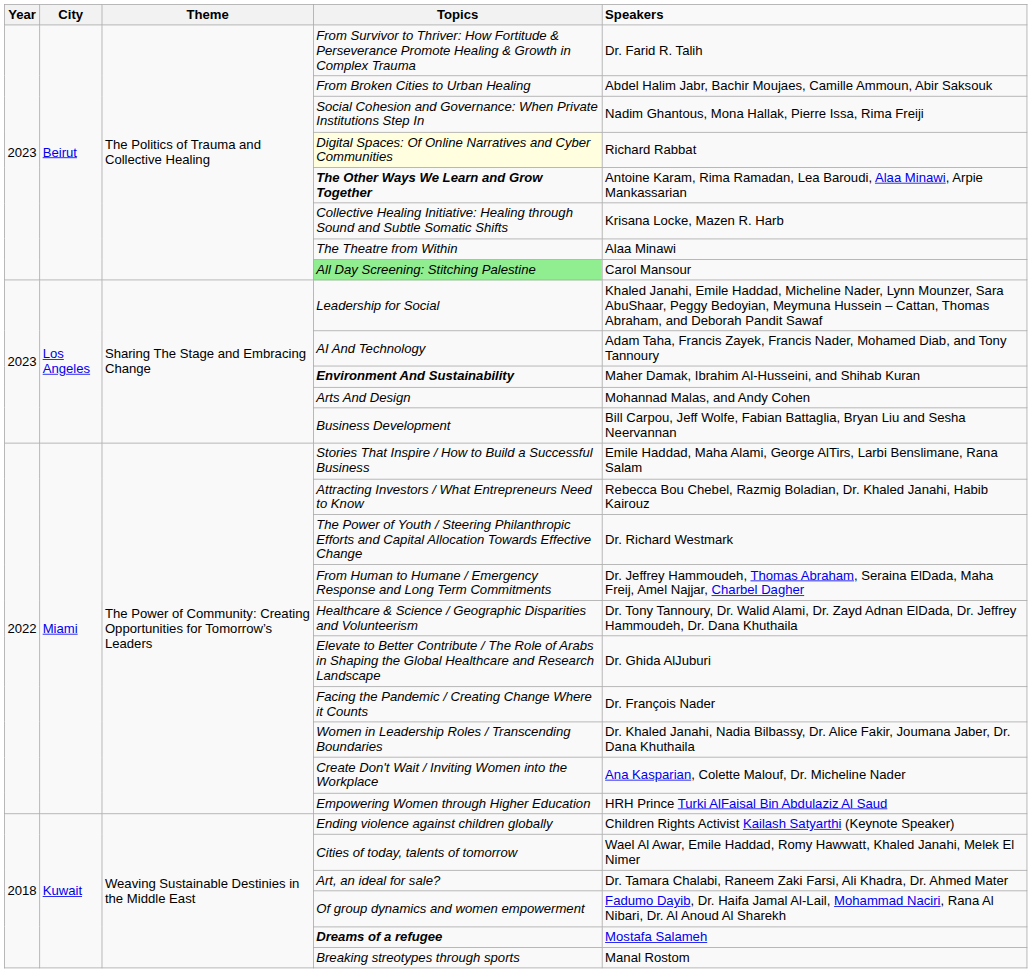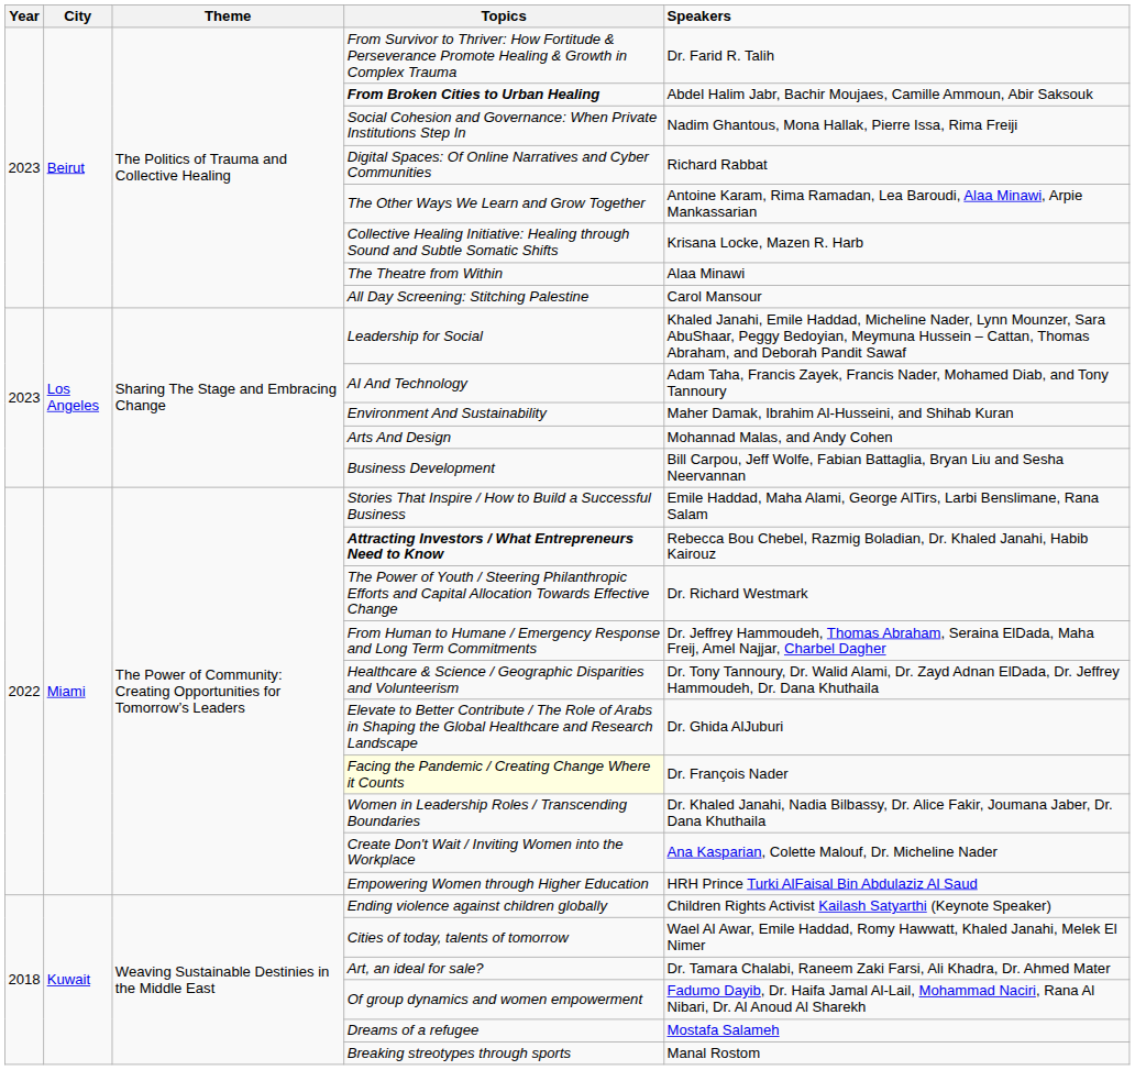 <table class="wikitable">
 <tr>
 <th>Year</th>
 <th>City</th>
 <th>Theme</th>
 <th>Topics</th>
 <td colspan=""><strong>Speakers</strong></td>
 </tr>
 <tr>
 <td rowspan="8">2023</td>
 <td rowspan="8"><a href='#'>Beirut</a></td>
 <td rowspan="8">The Politics of Trauma and Collective Healing</td>
 <td><em>From Survivor to Thriver: How Fortitude & Perseverance Promote Healing & Growth in Complex Trauma</em></td>
 <td colspan="8">Dr. Farid R. Talih</td>
 </tr>
 <tr>
-<td><em>From Broken Cities to Urban Healing</em></td>
+<td><strong><em>From Broken Cities to Urban Healing</em></strong></td>
 <td colspan="8">Abdel Halim Jabr, Bachir Moujaes, Camille Ammoun, Abir Saksouk</td>
 </tr>
 <tr>
 <td><em>Social Cohesion and Governance: When Private Institutions Step In</em></td>
 <td colspan="8">Nadim Ghantous, Mona Hallak, Pierre Issa, Rima Freiji</td>
 </tr>
 <tr>
-<td style="background: lightyellow;"><em>Digital Spaces: Of Online Narratives and Cyber Communities</em></td>
+<td><em>Digital Spaces: Of Online Narratives and Cyber Communities</em></td>
 <td colspan="8">Richard Rabbat</td>
 </tr>
 <tr>
-<td><strong><em>The Other Ways We Learn and Grow Together</em></strong></td>
+<td><em>The Other Ways We Learn and Grow Together</em></td>
 <td colspan="8">Antoine Karam, Rima Ramadan, Lea Baroudi, <a href='#'>Alaa Minawi</a>, Arpie Mankassarian</td>
 </tr>
 <tr>
 <td><em>Collective Healing Initiative: Healing through Sound and Subtle Somatic Shifts</em></td>
 <td colspan="8">Krisana Locke, Mazen R. Harb</td>
 </tr>
 <tr>
 <td><em>The Theatre from Within</em></td>
 <td colspan="8">Alaa Minawi</td>
 </tr>
 <tr>
-<td style="background: lightgreen;"><em>All Day Screening: Stitching Palestine</em></td>
+<td><em>All Day Screening: Stitching Palestine</em></td>
 <td colspan="8">Carol Mansour</td>
 </tr>
 <tr>
 <td rowspan="5">2023</td>
 <td rowspan="5"><a href='#'>Los Angeles</a></td>
 <td rowspan="5">Sharing The Stage and Embracing Change</td>
 <td><em>Leadership for Social</em></td>
 <td colspan="5">Khaled Janahi, Emile Haddad, Micheline Nader, Lynn Mounzer, Sara AbuShaar, Peggy Bedoyian, Meymuna Hussein – Cattan, Thomas Abraham, and Deborah Pandit Sawaf</td>
 </tr>
 <tr>
 <td><em>AI And Technology</em></td>
 <td colspan="5">Adam Taha, Francis Zayek, Francis Nader, Mohamed Diab, and Tony Tannoury</td>
 </tr>
 <tr>
-<td><strong><em>Environment And Sustainability</em></strong></td>
+<td><em>Environment And Sustainability</em></td>
 <td colspan="5">Maher Damak, Ibrahim Al-Husseini, and Shihab Kuran</td>
 </tr>
 <tr>
 <td><em>Arts And Design</em></td>
 <td colspan="5">Mohannad Malas, and Andy Cohen</td>
 </tr>
 <tr>
 <td><em>Business Development</em></td>
 <td colspan="5">Bill Carpou, Jeff Wolfe, Fabian Battaglia, Bryan Liu and Sesha Neervannan</td>
 </tr>
 <tr>
 <td rowspan="10">2022</td>
 <td rowspan="10"><a href='#'>Miami</a></td>
 <td rowspan="10">The Power of Community: Creating Opportunities for Tomorrow’s Leaders</td>
 <td><em>Stories That Inspire / How to Build a Successful Business</em></td>
 <td colspan="10">Emile Haddad, Maha Alami, George AlTirs, Larbi Benslimane, Rana Salam</td>
 </tr>
 <tr>
-<td><em>Attracting Investors / What Entrepreneurs Need to Know</em></td>
+<td><strong><em>Attracting Investors / What Entrepreneurs Need to Know</em></strong></td>
 <td colspan="10">Rebecca Bou Chebel, Razmig Boladian, Dr. Khaled Janahi, Habib Kairouz</td>
 </tr>
 <tr>
 <td><em>The Power of Youth / Steering Philanthropic Efforts and Capital Allocation Towards Effective Change</em></td>
 <td colspan="10">Dr. Richard Westmark</td>
 </tr>
 <tr>
 <td><em>From Human to Humane / Emergency Response and Long Term Commitments</em></td>
 <td colspan="10">Dr. Jeffrey Hammoudeh, <a href='#'>Thomas Abraham</a>, Seraina ElDada, Maha Freij, Amel Najjar, <a href='#'>Charbel Dagher</a></td>
 </tr>
 <tr>
 <td><em>Healthcare & Science / Geographic Disparities and Volunteerism</em></td>
 <td colspan="10">Dr. Tony Tannoury, Dr. Walid Alami, Dr. Zayd Adnan ElDada, Dr. Jeffrey Hammoudeh, Dr. Dana Khuthaila</td>
 </tr>
 <tr>
 <td><em>Elevate to Better Contribute / The Role of Arabs in Shaping the Global Healthcare and Research Landscape</em></td>
 <td colspan="10">Dr. Ghida AlJuburi</td>
 </tr>
 <tr>
-<td><em>Facing the Pandemic / Creating Change Where it Counts</em></td>
+<td style="background: lightyellow;"><em>Facing the Pandemic / Creating Change Where it Counts</em></td>
 <td colspan="10">Dr. François Nader</td>
 </tr>
 <tr>
 <td><em>Women in Leadership Roles / Transcending Boundaries</em></td>
 <td colspan="10">Dr. Khaled Janahi, Nadia Bilbassy, Dr. Alice Fakir, Joumana Jaber, Dr. Dana Khuthaila</td>
 </tr>
 <tr>
 <td><em>Create Don't Wait / Inviting Women into the Workplace</em></td>
 <td colspan="10"><a href='#'>Ana Kasparian</a>, Colette Malouf, Dr. Micheline Nader</td>
 </tr>
 <tr>
 <td><em>Empowering Women through Higher Education</em></td>
 <td colspan="10">HRH Prince <a href='#'>Turki AlFaisal Bin Abdulaziz Al Saud</a></td>
 </tr>
 <tr>
 <td rowspan="6">2018</td>
 <td rowspan="6"><a href='#'>Kuwait</a></td>
 <td rowspan="6">Weaving Sustainable Destinies in the Middle East</td>
 <td><em>Ending violence against children globally</em></td>
 <td colspan="6">Children Rights Activist <a href='#'>Kailash Satyarthi</a> (Keynote Speaker)</td>
 </tr>
 <tr>
 <td><em>Cities of today, talents of tomorrow</em></td>
 <td colspan="6">Wael Al Awar, Emile Haddad, Romy Hawwatt, Khaled Janahi, Melek El Nimer</td>
 </tr>
 <tr>
 <td><em>Art, an ideal for sale?</em></td>
 <td colspan="6">Dr. Tamara Chalabi, Raneem Zaki Farsi, Ali Khadra, Dr. Ahmed Mater</td>
 </tr>
 <tr>
 <td><em>Of group dynamics and women empowerment</em></td>
 <td colspan="6"><a href='#'>Fadumo Dayib</a>, Dr. Haifa Jamal Al-Lail, <a href='#'>Mohammad Naciri</a>, Rana Al Nibari, Dr. Al Anoud Al Sharekh</td>
 </tr>
 <tr>
-<td><strong><em>Dreams of a refugee</em></strong></td>
+<td><em>Dreams of a refugee</em></td>
 <td colspan="6"><a href='#'>Mostafa Salameh</a></td>
 </tr>
 <tr>
 <td><em>Breaking streotypes through sports</em></td>
 <td colspan="6">Manal Rostom</td>
 </tr>
 </table>
